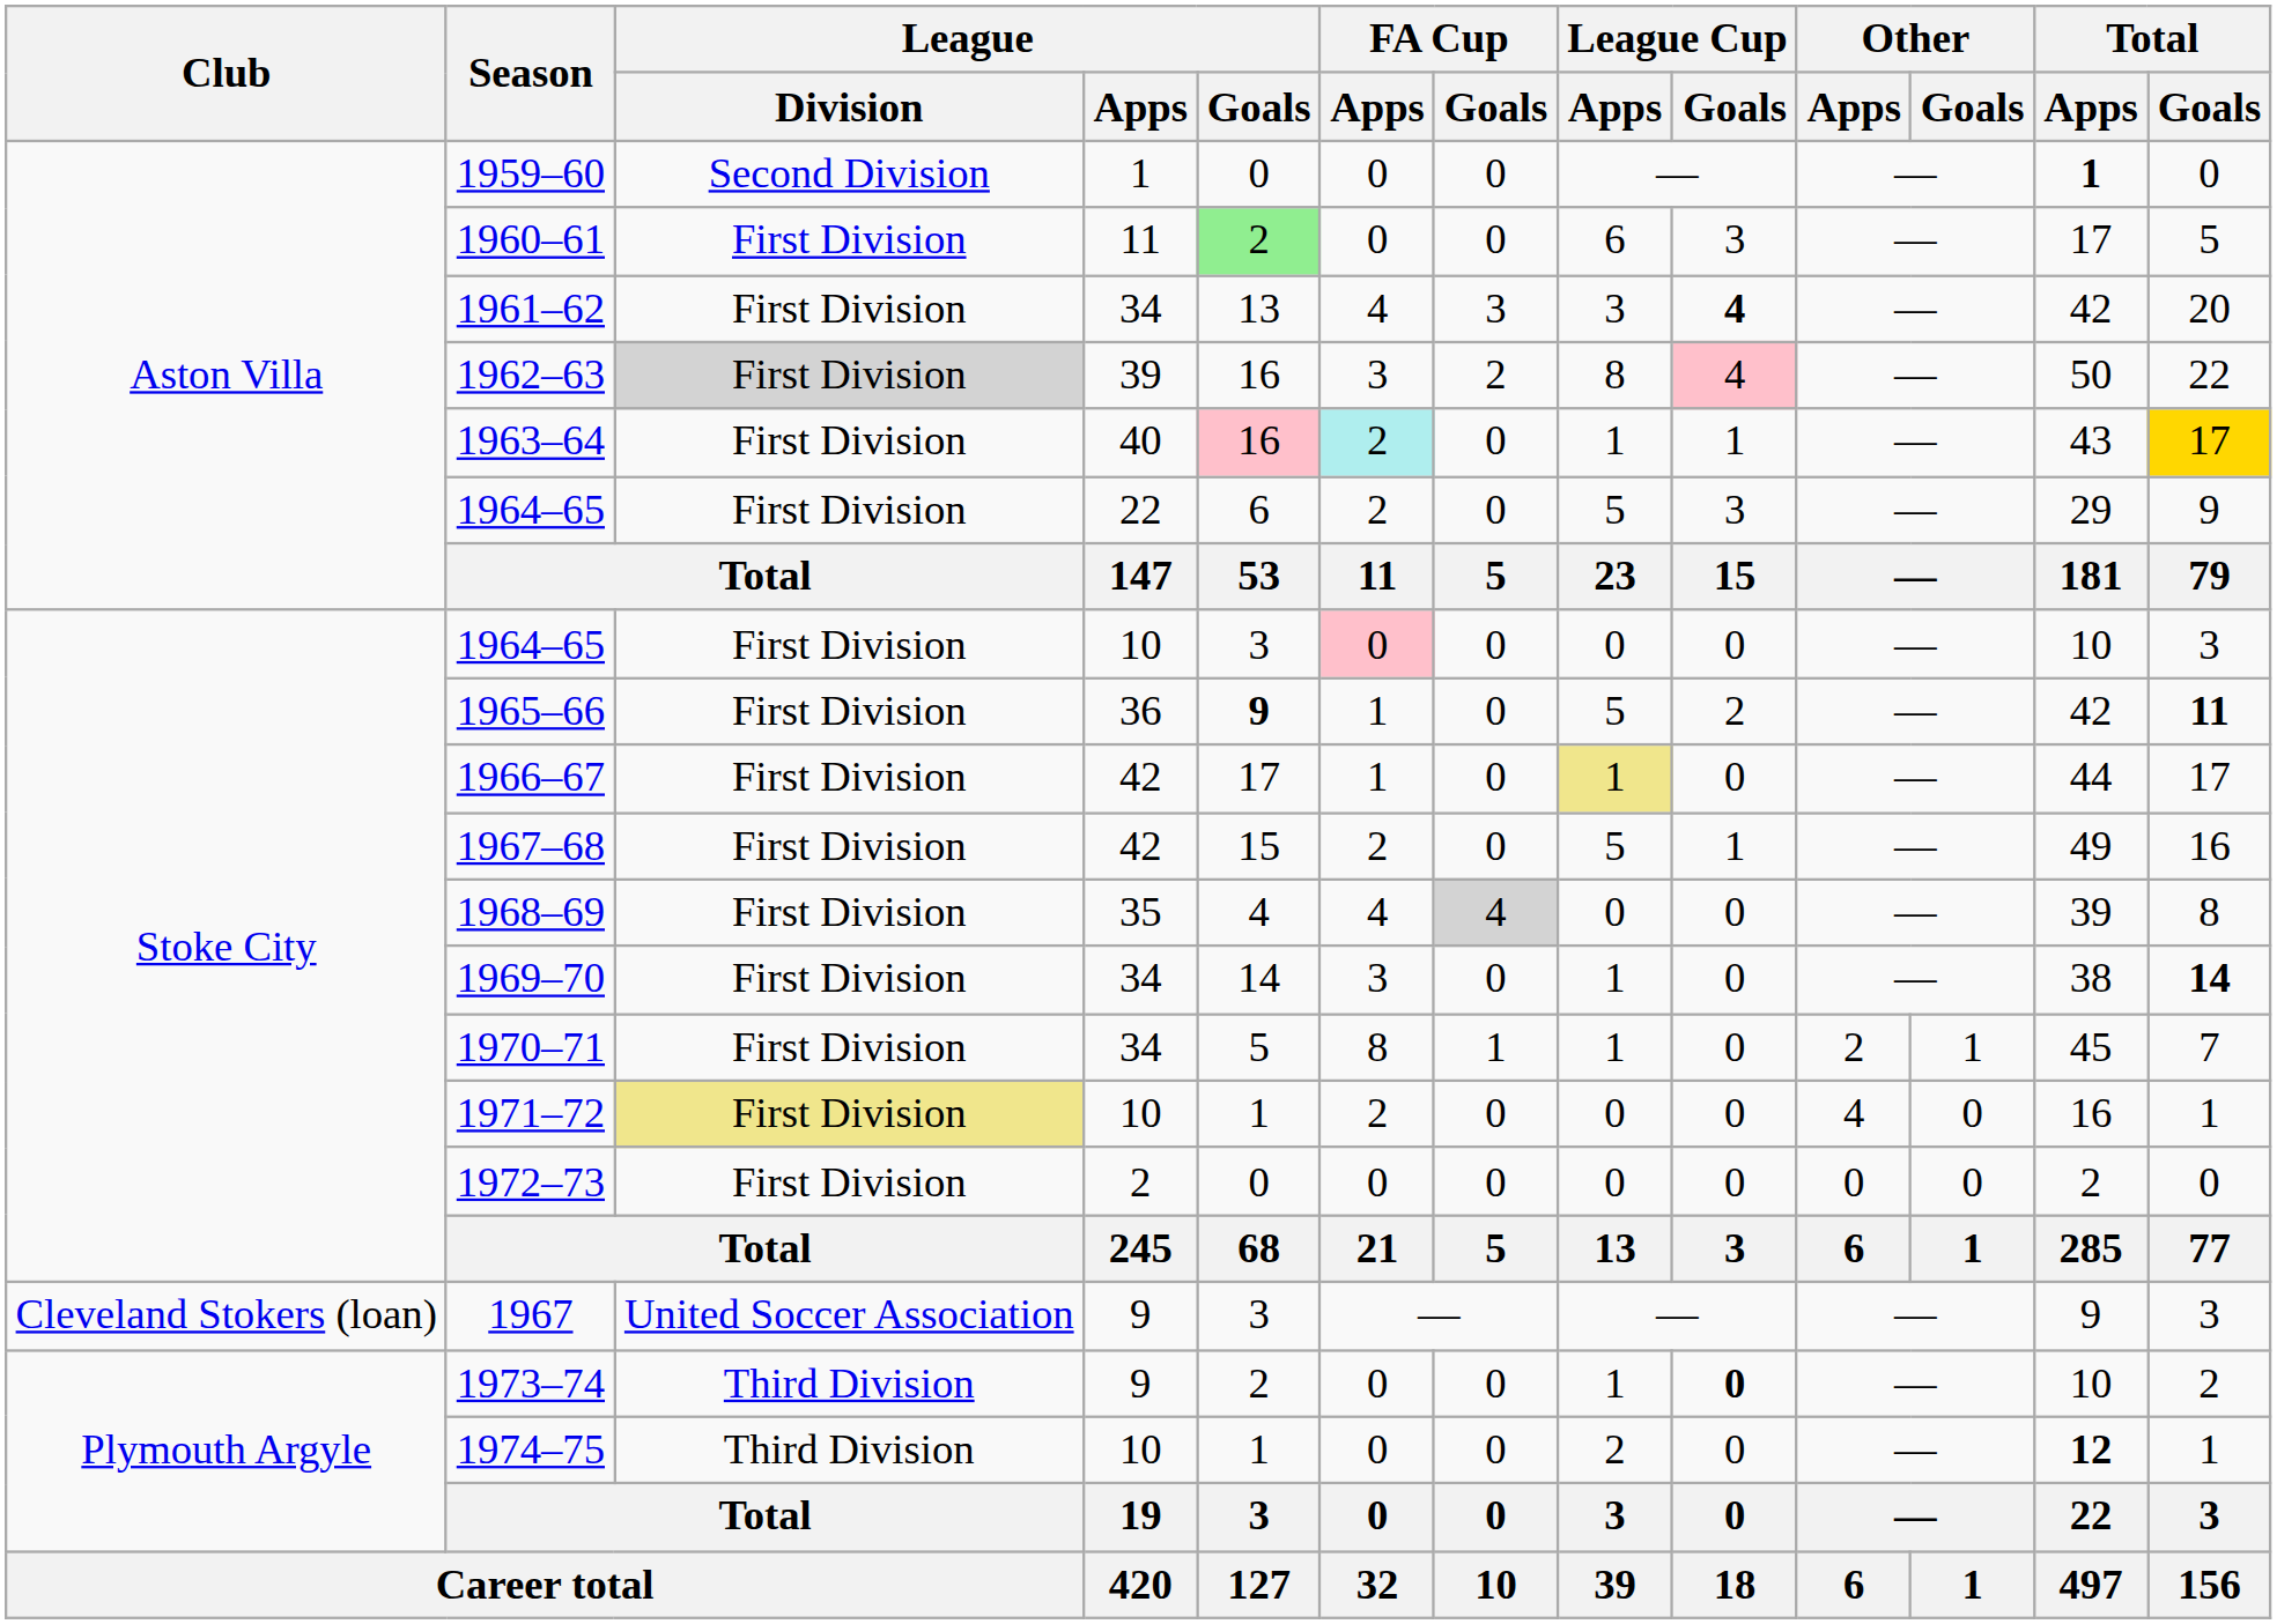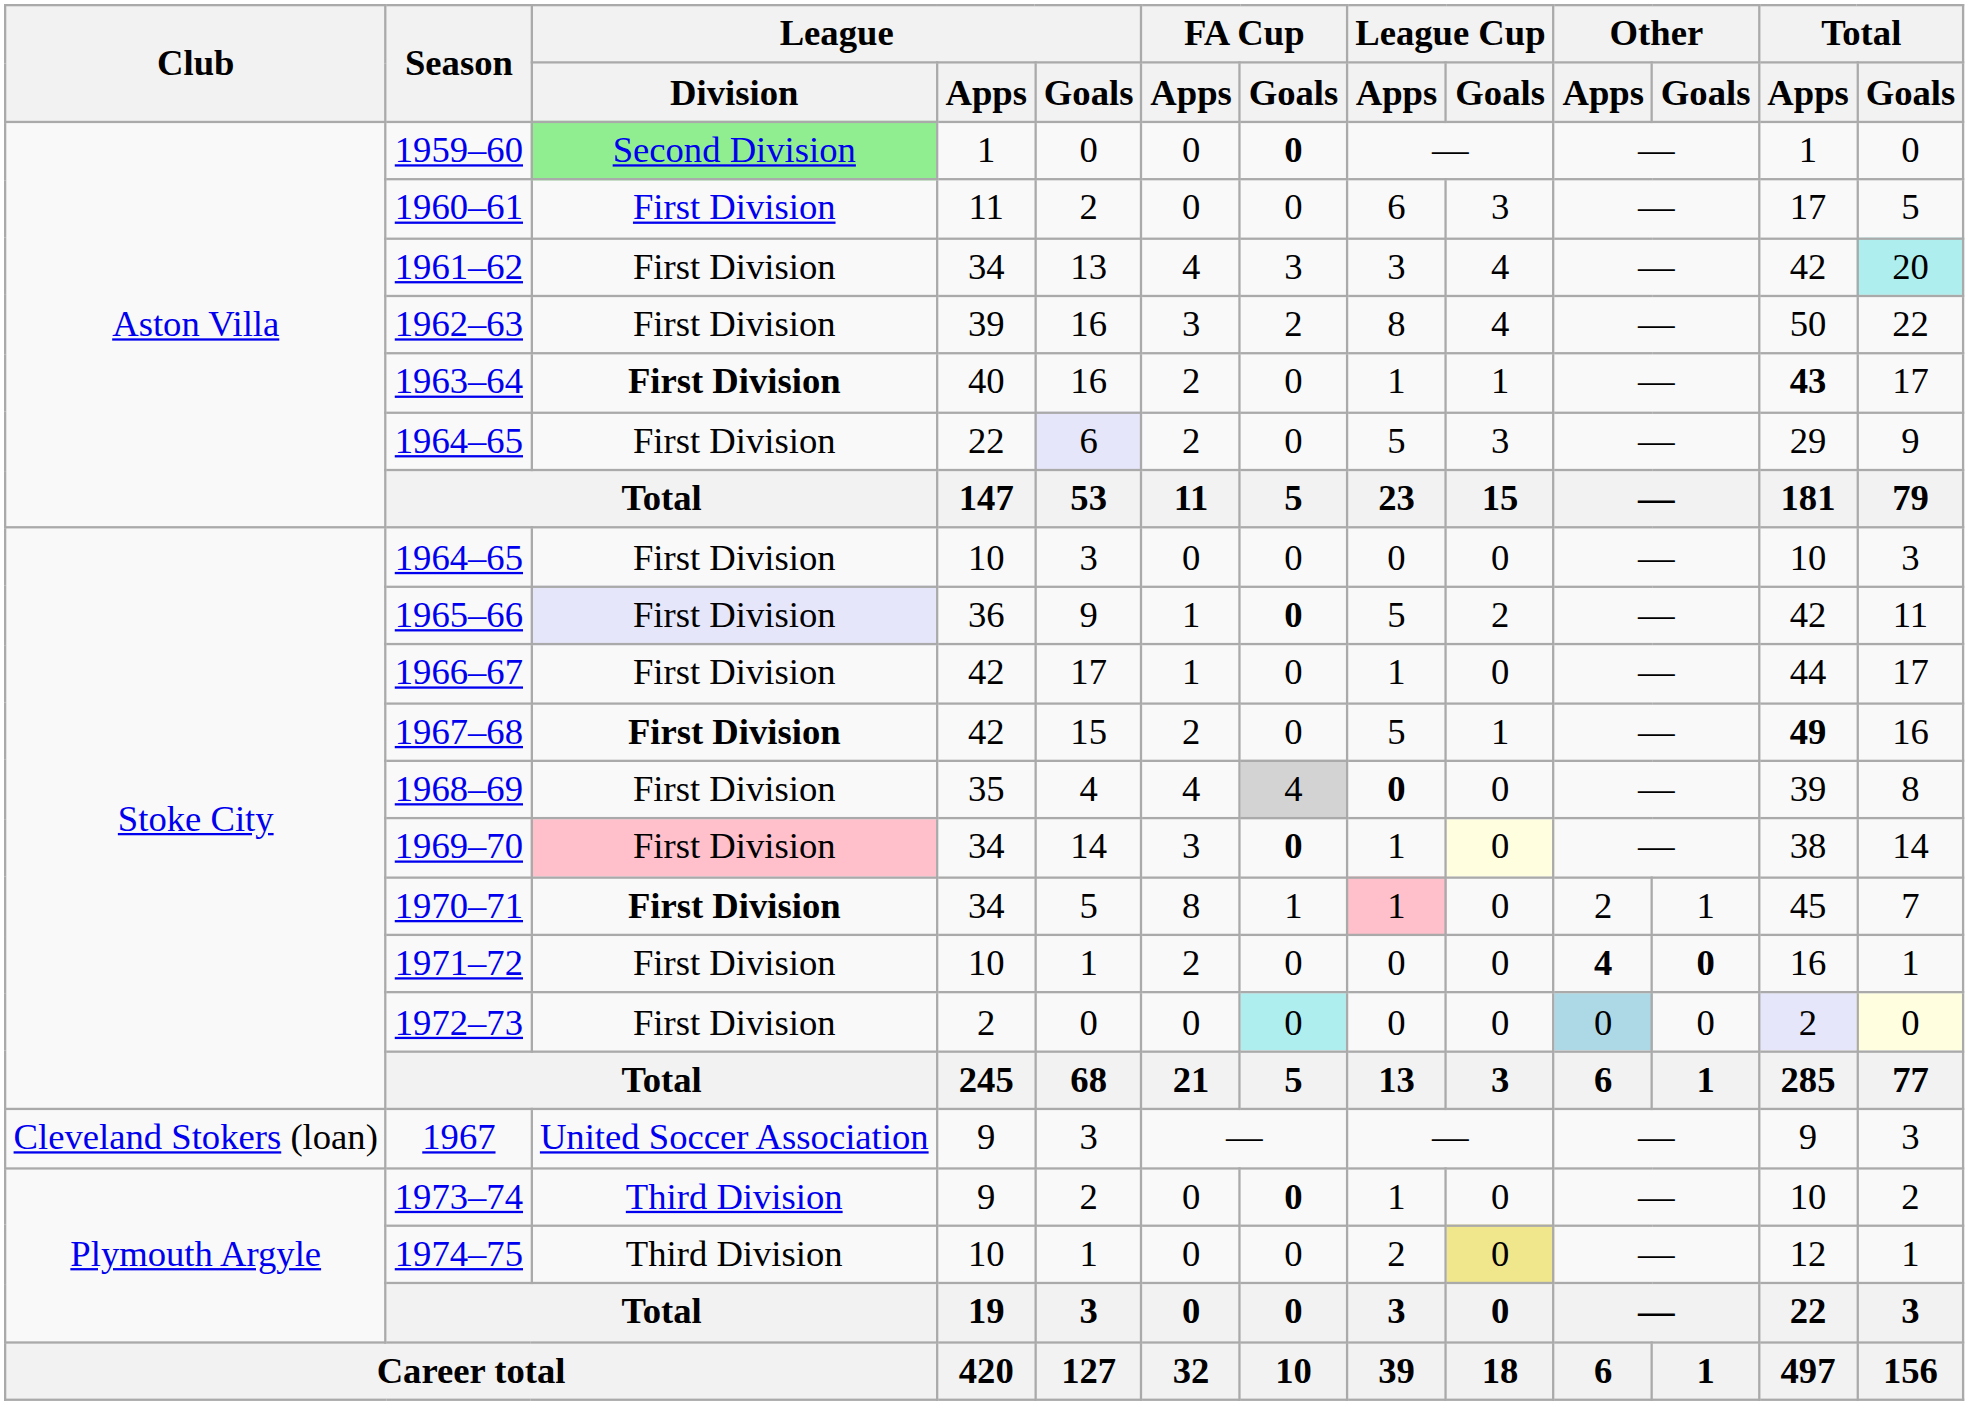 <table class="wikitable" style="text-align: center;">
 <tr>
 <th rowspan="2">Club</th>
 <th rowspan="2">Season</th>
 <th colspan="3">League</th>
 <th colspan="2">FA Cup</th>
 <th colspan="2">League Cup</th>
 <th colspan="2">Other</th>
 <th colspan="2">Total</th>
 </tr>
 <tr>
 <th>Division</th>
 <th>Apps</th>
 <th>Goals</th>
 <th>Apps</th>
 <th>Goals</th>
 <th>Apps</th>
 <th>Goals</th>
 <th>Apps</th>
 <th>Goals</th>
 <th>Apps</th>
 <th>Goals</th>
 </tr>
 <tr>
 <td rowspan="7"><a href='#'>Aston Villa</a></td>
 <td><a href='#'>1959–60</a></td>
-<td><a href='#'>Second Division</a></td>
+<td style="background: lightgreen;"><a href='#'>Second Division</a></td>
 <td>1</td>
 <td>0</td>
 <td>0</td>
-<td>0</td>
+<td><strong>0</strong></td>
 <td colspan="2">—</td>
 <td colspan="2">—</td>
-<td><strong>1</strong></td>
+<td>1</td>
 <td>0</td>
 </tr>
 <tr>
 <td><a href='#'>1960–61</a></td>
 <td><a href='#'>First Division</a></td>
 <td>11</td>
-<td style="background: lightgreen;">2</td>
+<td>2</td>
 <td>0</td>
 <td>0</td>
 <td>6</td>
 <td>3</td>
 <td colspan="2">—</td>
 <td>17</td>
 <td>5</td>
 </tr>
 <tr>
 <td><a href='#'>1961–62</a></td>
 <td>First Division</td>
 <td>34</td>
 <td>13</td>
 <td>4</td>
 <td>3</td>
 <td>3</td>
-<td><strong>4</strong></td>
+<td>4</td>
 <td colspan="2">—</td>
 <td>42</td>
-<td>20</td>
+<td style="background: paleturquoise;">20</td>
 </tr>
 <tr>
 <td><a href='#'>1962–63</a></td>
-<td style="background: lightgrey;">First Division</td>
+<td>First Division</td>
 <td>39</td>
 <td>16</td>
 <td>3</td>
 <td>2</td>
 <td>8</td>
-<td style="background: pink;">4</td>
+<td>4</td>
 <td colspan="2">—</td>
 <td>50</td>
 <td>22</td>
 </tr>
 <tr>
 <td><a href='#'>1963–64</a></td>
-<td>First Division</td>
+<td><strong>First Division</strong></td>
 <td>40</td>
-<td style="background: pink;">16</td>
-<td style="background: paleturquoise;">2</td>
+<td>16</td>
+<td>2</td>
 <td>0</td>
 <td>1</td>
 <td>1</td>
 <td colspan="2">—</td>
-<td>43</td>
-<td style="background: gold;">17</td>
+<td><strong>43</strong></td>
+<td>17</td>
 </tr>
 <tr>
 <td><a href='#'>1964–65</a></td>
 <td>First Division</td>
 <td>22</td>
-<td>6</td>
+<td style="background: lavender;">6</td>
 <td>2</td>
 <td>0</td>
 <td>5</td>
 <td>3</td>
 <td colspan="2">—</td>
 <td>29</td>
 <td>9</td>
 </tr>
 <tr>
 <th colspan="2">Total</th>
 <th>147</th>
 <th>53</th>
 <th>11</th>
 <th>5</th>
 <th>23</th>
 <th>15</th>
 <th colspan="2">—</th>
 <th>181</th>
 <th>79</th>
 </tr>
 <tr>
 <td rowspan="10"><a href='#'>Stoke City</a></td>
 <td><a href='#'>1964–65</a></td>
 <td>First Division</td>
 <td>10</td>
 <td>3</td>
-<td style="background: pink;">0</td>
+<td>0</td>
 <td>0</td>
 <td>0</td>
 <td>0</td>
 <td colspan="2">—</td>
 <td>10</td>
 <td>3</td>
 </tr>
 <tr>
 <td><a href='#'>1965–66</a></td>
-<td>First Division</td>
+<td style="background: lavender;">First Division</td>
 <td>36</td>
-<td><strong>9</strong></td>
+<td>9</td>
 <td>1</td>
-<td>0</td>
+<td><strong>0</strong></td>
 <td>5</td>
 <td>2</td>
 <td colspan="2">—</td>
 <td>42</td>
-<td><strong>11</strong></td>
+<td>11</td>
 </tr>
 <tr>
 <td><a href='#'>1966–67</a></td>
 <td>First Division</td>
 <td>42</td>
 <td>17</td>
 <td>1</td>
 <td>0</td>
-<td style="background: khaki;">1</td>
+<td>1</td>
 <td>0</td>
 <td colspan="2">—</td>
 <td>44</td>
 <td>17</td>
 </tr>
 <tr>
 <td><a href='#'>1967–68</a></td>
-<td>First Division</td>
+<td><strong>First Division</strong></td>
 <td>42</td>
 <td>15</td>
 <td>2</td>
 <td>0</td>
 <td>5</td>
 <td>1</td>
 <td colspan="2">—</td>
-<td>49</td>
+<td><strong>49</strong></td>
 <td>16</td>
 </tr>
 <tr>
 <td><a href='#'>1968–69</a></td>
 <td>First Division</td>
 <td>35</td>
 <td>4</td>
 <td>4</td>
 <td style="background: lightgrey;">4</td>
-<td>0</td>
+<td><strong>0</strong></td>
 <td>0</td>
 <td colspan="2">—</td>
 <td>39</td>
 <td>8</td>
 </tr>
 <tr>
 <td><a href='#'>1969–70</a></td>
-<td>First Division</td>
+<td style="background: pink;">First Division</td>
 <td>34</td>
 <td>14</td>
 <td>3</td>
-<td>0</td>
+<td><strong>0</strong></td>
 <td>1</td>
-<td>0</td>
+<td style="background: lightyellow;">0</td>
 <td colspan="2">—</td>
 <td>38</td>
-<td><strong>14</strong></td>
+<td>14</td>
 </tr>
 <tr>
 <td><a href='#'>1970–71</a></td>
-<td>First Division</td>
+<td><strong>First Division</strong></td>
 <td>34</td>
 <td>5</td>
 <td>8</td>
 <td>1</td>
-<td>1</td>
+<td style="background: pink;">1</td>
 <td>0</td>
 <td>2</td>
 <td>1</td>
 <td>45</td>
 <td>7</td>
 </tr>
 <tr>
 <td><a href='#'>1971–72</a></td>
-<td style="background: khaki;">First Division</td>
+<td>First Division</td>
 <td>10</td>
 <td>1</td>
 <td>2</td>
 <td>0</td>
 <td>0</td>
 <td>0</td>
-<td>4</td>
-<td>0</td>
+<td><strong>4</strong></td>
+<td><strong>0</strong></td>
 <td>16</td>
 <td>1</td>
 </tr>
 <tr>
 <td><a href='#'>1972–73</a></td>
 <td>First Division</td>
 <td>2</td>
 <td>0</td>
 <td>0</td>
+<td style="background: paleturquoise;">0</td>
 <td>0</td>
 <td>0</td>
+<td style="background: lightblue;">0</td>
 <td>0</td>
-<td>0</td>
-<td>0</td>
-<td>2</td>
-<td>0</td>
+<td style="background: lavender;">2</td>
+<td style="background: lightyellow;">0</td>
 </tr>
 <tr>
 <th colspan="2">Total</th>
 <th>245</th>
 <th>68</th>
 <th>21</th>
 <th>5</th>
 <th>13</th>
 <th>3</th>
 <th>6</th>
 <th>1</th>
 <th>285</th>
 <th>77</th>
 </tr>
 <tr>
 <td><a href='#'>Cleveland Stokers</a> (loan)</td>
 <td><a href='#'>1967</a></td>
 <td><a href='#'>United Soccer Association</a></td>
 <td>9</td>
 <td>3</td>
 <td colspan="2">—</td>
 <td colspan="2">—</td>
 <td colspan="2">—</td>
 <td>9</td>
 <td>3</td>
 </tr>
 <tr>
 <td rowspan="3"><a href='#'>Plymouth Argyle</a></td>
 <td><a href='#'>1973–74</a></td>
 <td><a href='#'>Third Division</a></td>
 <td>9</td>
 <td>2</td>
 <td>0</td>
+<td><strong>0</strong></td>
+<td>1</td>
 <td>0</td>
-<td>1</td>
-<td><strong>0</strong></td>
 <td colspan="2">—</td>
 <td>10</td>
 <td>2</td>
 </tr>
 <tr>
 <td><a href='#'>1974–75</a></td>
 <td>Third Division</td>
 <td>10</td>
 <td>1</td>
 <td>0</td>
 <td>0</td>
 <td>2</td>
-<td>0</td>
+<td style="background: khaki;">0</td>
 <td colspan="2">—</td>
-<td><strong>12</strong></td>
+<td>12</td>
 <td>1</td>
 </tr>
 <tr>
 <th colspan="2">Total</th>
 <th>19</th>
 <th>3</th>
 <th>0</th>
 <th>0</th>
 <th>3</th>
 <th>0</th>
 <th colspan="2">—</th>
 <th>22</th>
 <th>3</th>
 </tr>
 <tr>
 <th colspan="3">Career total</th>
 <th>420</th>
 <th>127</th>
 <th>32</th>
 <th>10</th>
 <th>39</th>
 <th>18</th>
 <th>6</th>
 <th>1</th>
 <th>497</th>
 <th>156</th>
 </tr>
 </table>
